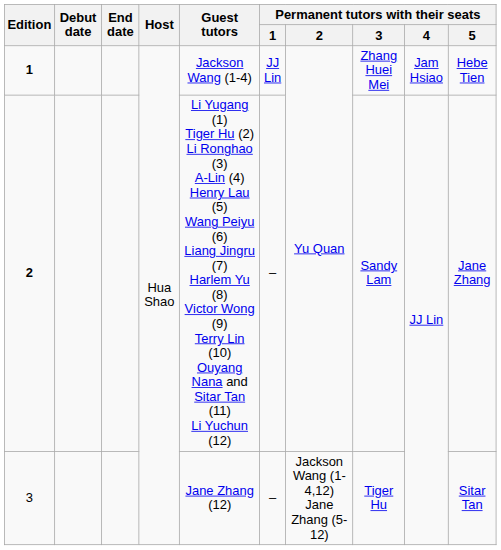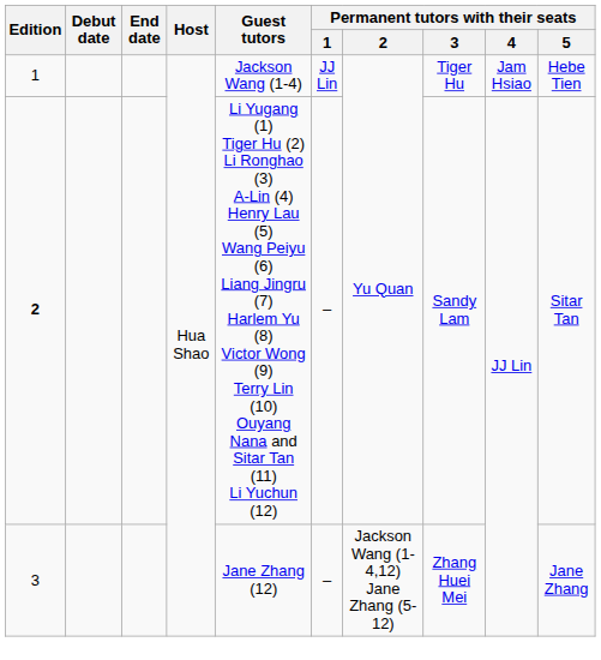 <table class="wikitable plainrowheaders" style="text-align:center;">
 <tr>
 <th rowspan="2" scope="col">Edition</th>
 <th rowspan="2" scope="col">Debut date</th>
 <th rowspan="2" scope="col">End date</th>
 <th rowspan="2" scope="col">Host</th>
 <th rowspan="2">Guest tutors</th>
 <th colspan="5" scope="col">Permanent tutors with their seats</th>
 </tr>
 <tr>
 <th scope="col">1</th>
 <th scope="col">2</th>
 <th scope="col">3</th>
 <th scope="col">4</th>
 <th scope="col">5</th>
 </tr>
 <tr>
-<td scope="row"><strong>1</strong></td>
+<td scope="row">1</td>
 <td></td>
 <td></td>
 <td rowspan="3">Hua Shao</td>
 <td><a href='#'>Jackson Wang</a> (1-4)</td>
 <td><a href='#'>JJ Lin</a></td>
 <td rowspan="2"><a href='#'>Yu Quan</a></td>
-<td><a href='#'>Zhang Huei Mei</a></td>
+<td><a href='#'>Tiger Hu</a></td>
 <td><a href='#'>Jam Hsiao</a></td>
 <td><a href='#'>Hebe Tien</a></td>
 </tr>
 <tr>
 <td scope="row"><strong>2</strong></td>
 <td></td>
 <td></td>
 <td><a href='#'>Li Yugang</a> (1)<br><a href='#'>Tiger Hu</a> (2)<br><a href='#'>Li Ronghao</a> (3)<br><a href='#'>A-Lin</a> (4)<br><a href='#'>Henry Lau</a> (5)<br><a href='#'>Wang Peiyu</a> (6)<br><a href='#'>Liang Jingru</a> (7)<br><a href='#'>Harlem Yu</a> (8)<br><a href='#'>Victor Wong</a> (9)<br><a href='#'>Terry Lin</a> (10)<br><a href='#'>Ouyang Nana</a> and <a href='#'>Sitar Tan</a> (11)<br><a href='#'>Li Yuchun</a> (12)</td>
 <td>–</td>
 <td><a href='#'>Sandy Lam</a></td>
 <td rowspan="2"><a href='#'>JJ Lin</a></td>
-<td><a href='#'>Jane Zhang</a></td>
+<td><a href='#'>Sitar Tan</a></td>
 </tr>
 <tr>
 <td scope="row">3</td>
 <td></td>
 <td></td>
 <td><a href='#'>Jane Zhang</a> (12)</td>
 <td>–</td>
 <td>Jackson Wang (1-4,12)<br>Jane Zhang (5-12)</td>
-<td><a href='#'>Tiger Hu</a></td>
-<td><a href='#'>Sitar Tan</a></td>
+<td><a href='#'>Zhang Huei Mei</a></td>
+<td><a href='#'>Jane Zhang</a></td>
 </tr>
 </table>
